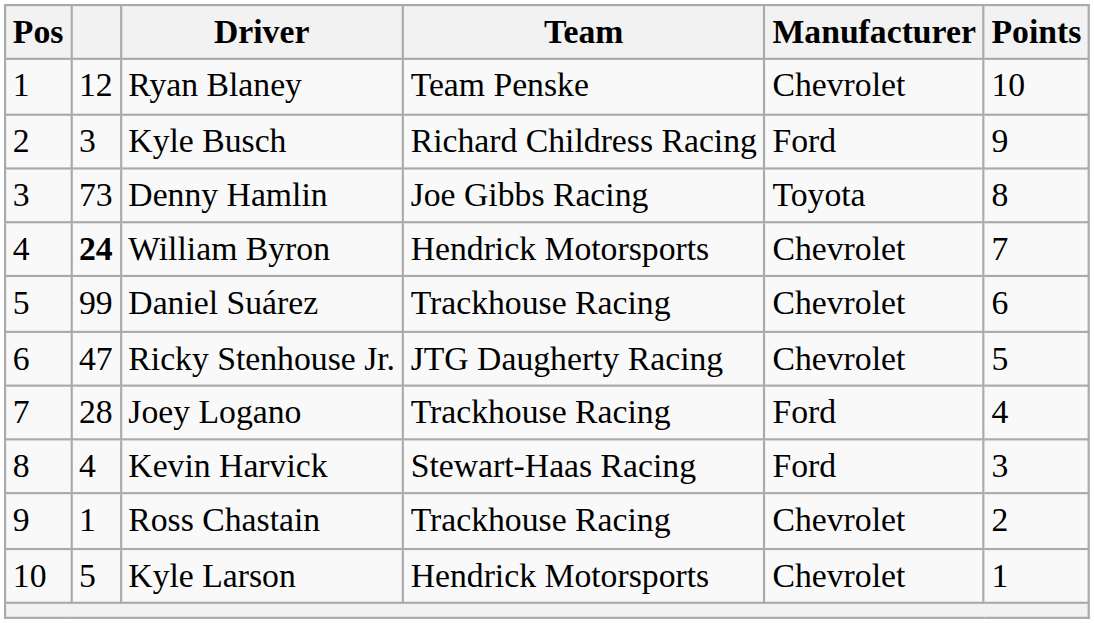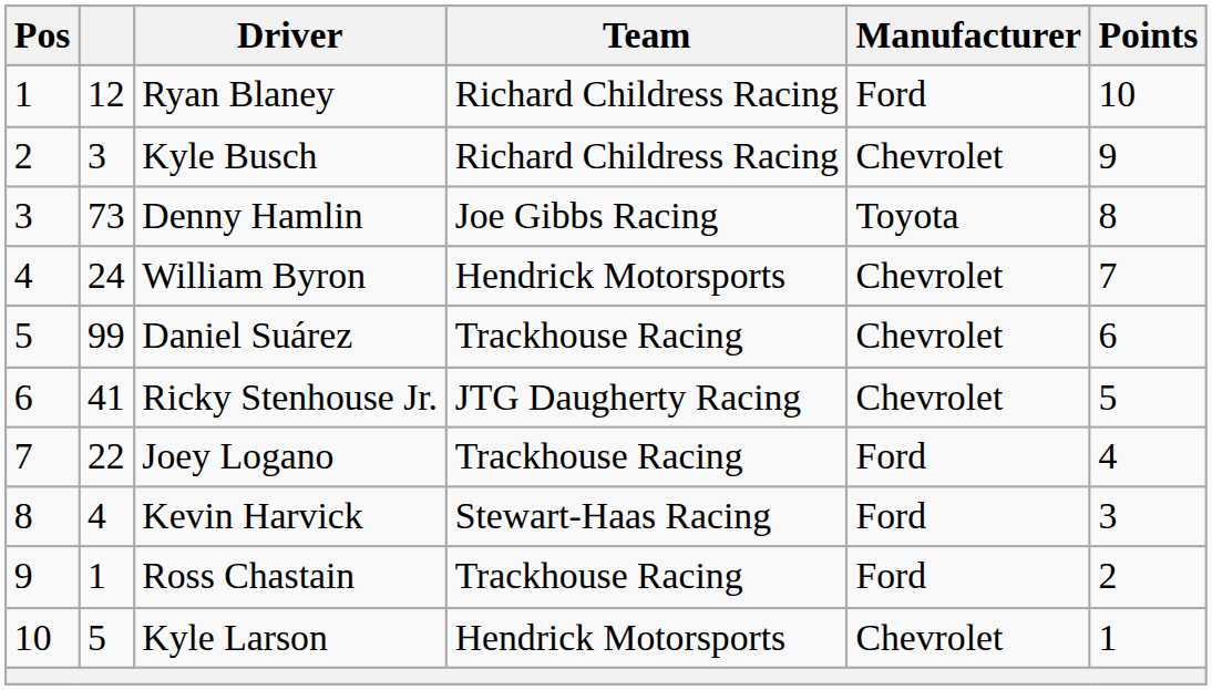 <table class="wikitable" style="font-size:98%">
 <tr>
 <th>Pos</th>
 <th></th>
 <th>Driver</th>
 <th>Team</th>
 <th>Manufacturer</th>
 <th>Points</th>
 </tr>
 <tr>
 <td>1</td>
 <td>12</td>
 <td>Ryan Blaney</td>
-<td>Team Penske</td>
-<td>Chevrolet</td>
+<td>Richard Childress Racing</td>
+<td>Ford</td>
 <td>10</td>
 </tr>
 <tr>
 <td>2</td>
 <td>3</td>
 <td>Kyle Busch</td>
 <td>Richard Childress Racing</td>
-<td>Ford</td>
+<td>Chevrolet</td>
 <td>9</td>
 </tr>
 <tr>
 <td>3</td>
 <td>73</td>
 <td>Denny Hamlin</td>
 <td>Joe Gibbs Racing</td>
 <td>Toyota</td>
 <td>8</td>
 </tr>
 <tr>
 <td>4</td>
-<td><strong>24</strong></td>
+<td>24</td>
 <td>William Byron</td>
 <td>Hendrick Motorsports</td>
 <td>Chevrolet</td>
 <td>7</td>
 </tr>
 <tr>
 <td>5</td>
 <td>99</td>
 <td>Daniel Suárez</td>
 <td>Trackhouse Racing</td>
 <td>Chevrolet</td>
 <td>6</td>
 </tr>
 <tr>
 <td>6</td>
-<td>47</td>
+<td>41</td>
 <td>Ricky Stenhouse Jr.</td>
 <td>JTG Daugherty Racing</td>
 <td>Chevrolet</td>
 <td>5</td>
 </tr>
 <tr>
 <td>7</td>
-<td>28</td>
+<td>22</td>
 <td>Joey Logano</td>
 <td>Trackhouse Racing</td>
 <td>Ford</td>
 <td>4</td>
 </tr>
 <tr>
 <td>8</td>
 <td>4</td>
 <td>Kevin Harvick</td>
 <td>Stewart-Haas Racing</td>
 <td>Ford</td>
 <td>3</td>
 </tr>
 <tr>
 <td>9</td>
 <td>1</td>
 <td>Ross Chastain</td>
 <td>Trackhouse Racing</td>
-<td>Chevrolet</td>
+<td>Ford</td>
 <td>2</td>
 </tr>
 <tr>
 <td>10</td>
 <td>5</td>
 <td>Kyle Larson</td>
 <td>Hendrick Motorsports</td>
 <td>Chevrolet</td>
 <td>1</td>
 </tr>
 <tr>
 <th colspan="6"></th>
 </tr>
 </table>
